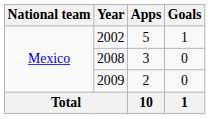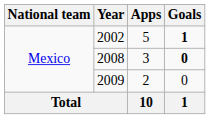 <table class="wikitable" style="text-align: center;">
 <tr>
 <th>National team</th>
 <th>Year</th>
 <th>Apps</th>
 <th>Goals</th>
 </tr>
 <tr>
 <td rowspan="3" valign="center"><a href='#'>Mexico</a></td>
 <td>2002</td>
 <td>5</td>
-<td>1</td>
+<td><strong>1</strong></td>
 </tr>
 <tr>
 <td>2008</td>
 <td>3</td>
-<td>0</td>
+<td><strong>0</strong></td>
 </tr>
 <tr>
 <td>2009</td>
 <td>2</td>
 <td>0</td>
 </tr>
 <tr>
 <th colspan="2">Total</th>
 <th>10</th>
 <th>1</th>
 </tr>
 </table>
